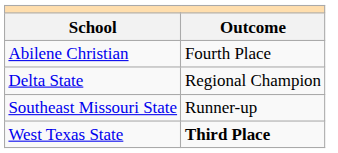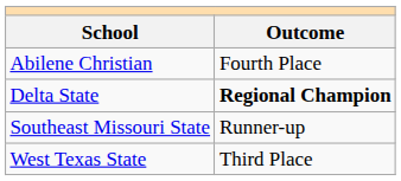 <table class="wikitable" style="float:left; margin-right:1em;">
 <tr>
 <th colspan="3" style="background:#ffdead;"></th>
 </tr>
 <tr>
 <th>School</th>
 <th>Outcome</th>
 </tr>
 <tr>
 <td><a href='#'>Abilene Christian</a></td>
 <td>Fourth Place</td>
 </tr>
 <tr>
 <td><a href='#'>Delta State</a></td>
-<td>Regional Champion</td>
+<td><strong>Regional Champion</strong></td>
 </tr>
 <tr>
 <td><a href='#'>Southeast Missouri State</a></td>
 <td>Runner-up</td>
 </tr>
 <tr>
 <td><a href='#'>West Texas State</a></td>
-<td><strong>Third Place</strong></td>
+<td>Third Place</td>
 </tr>
 </table>
